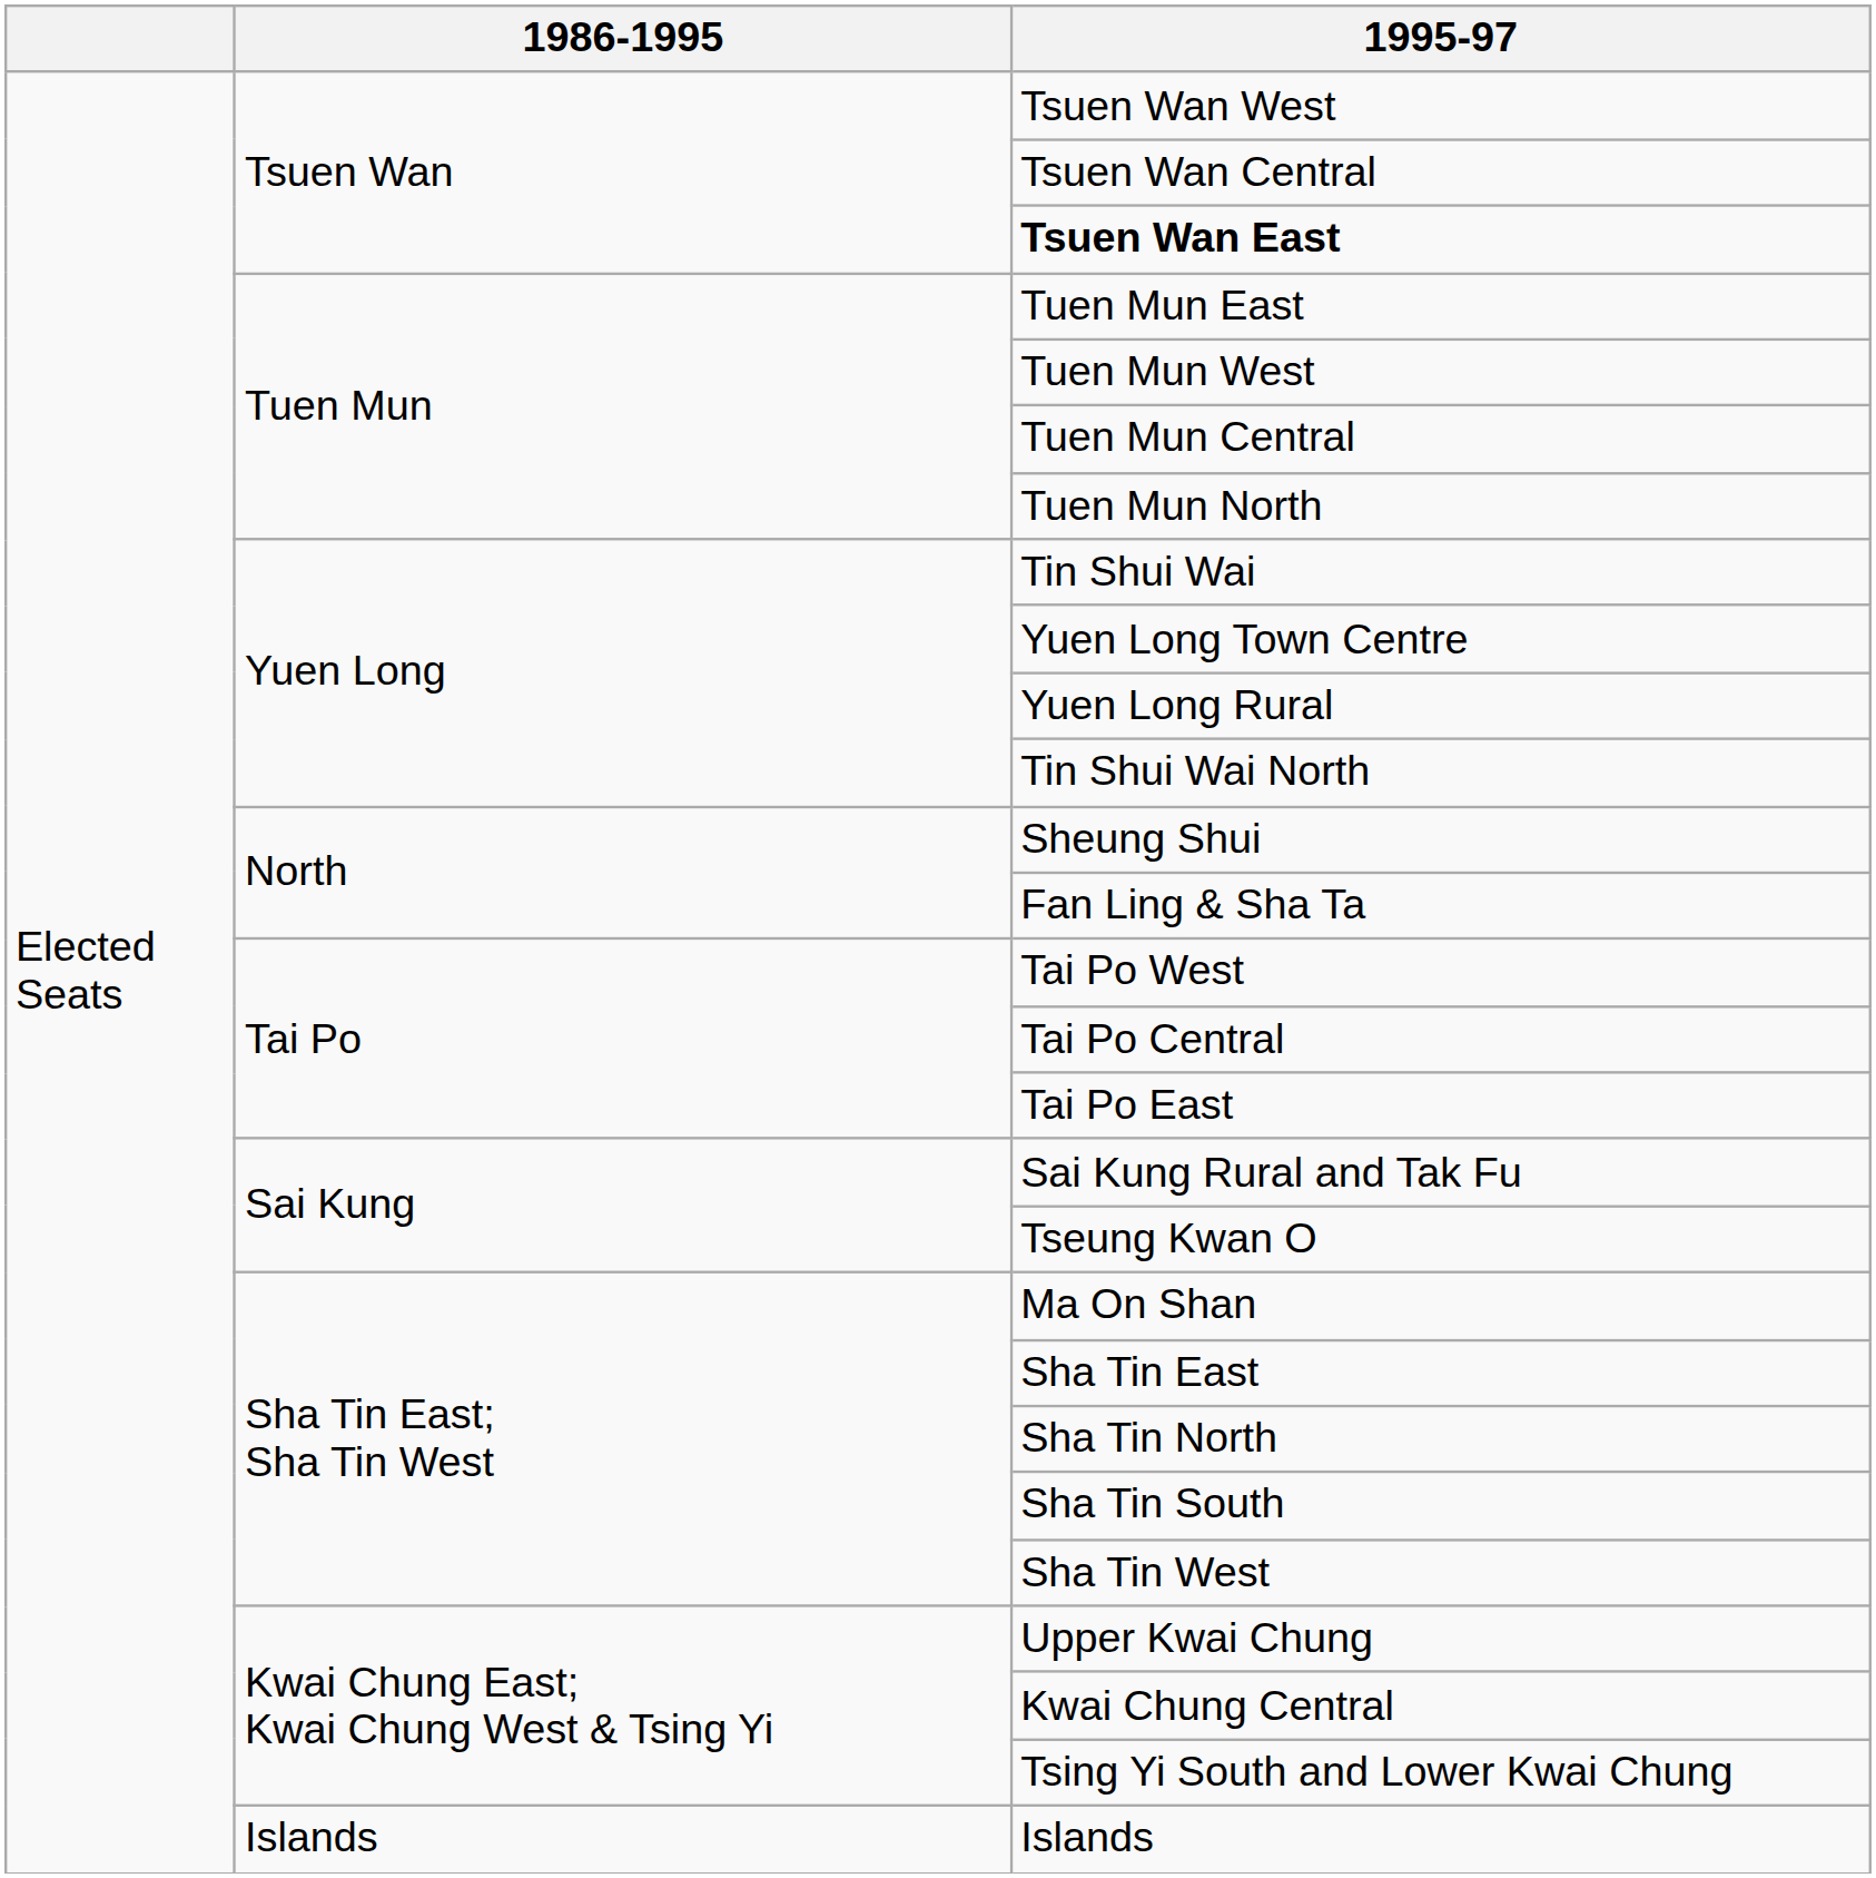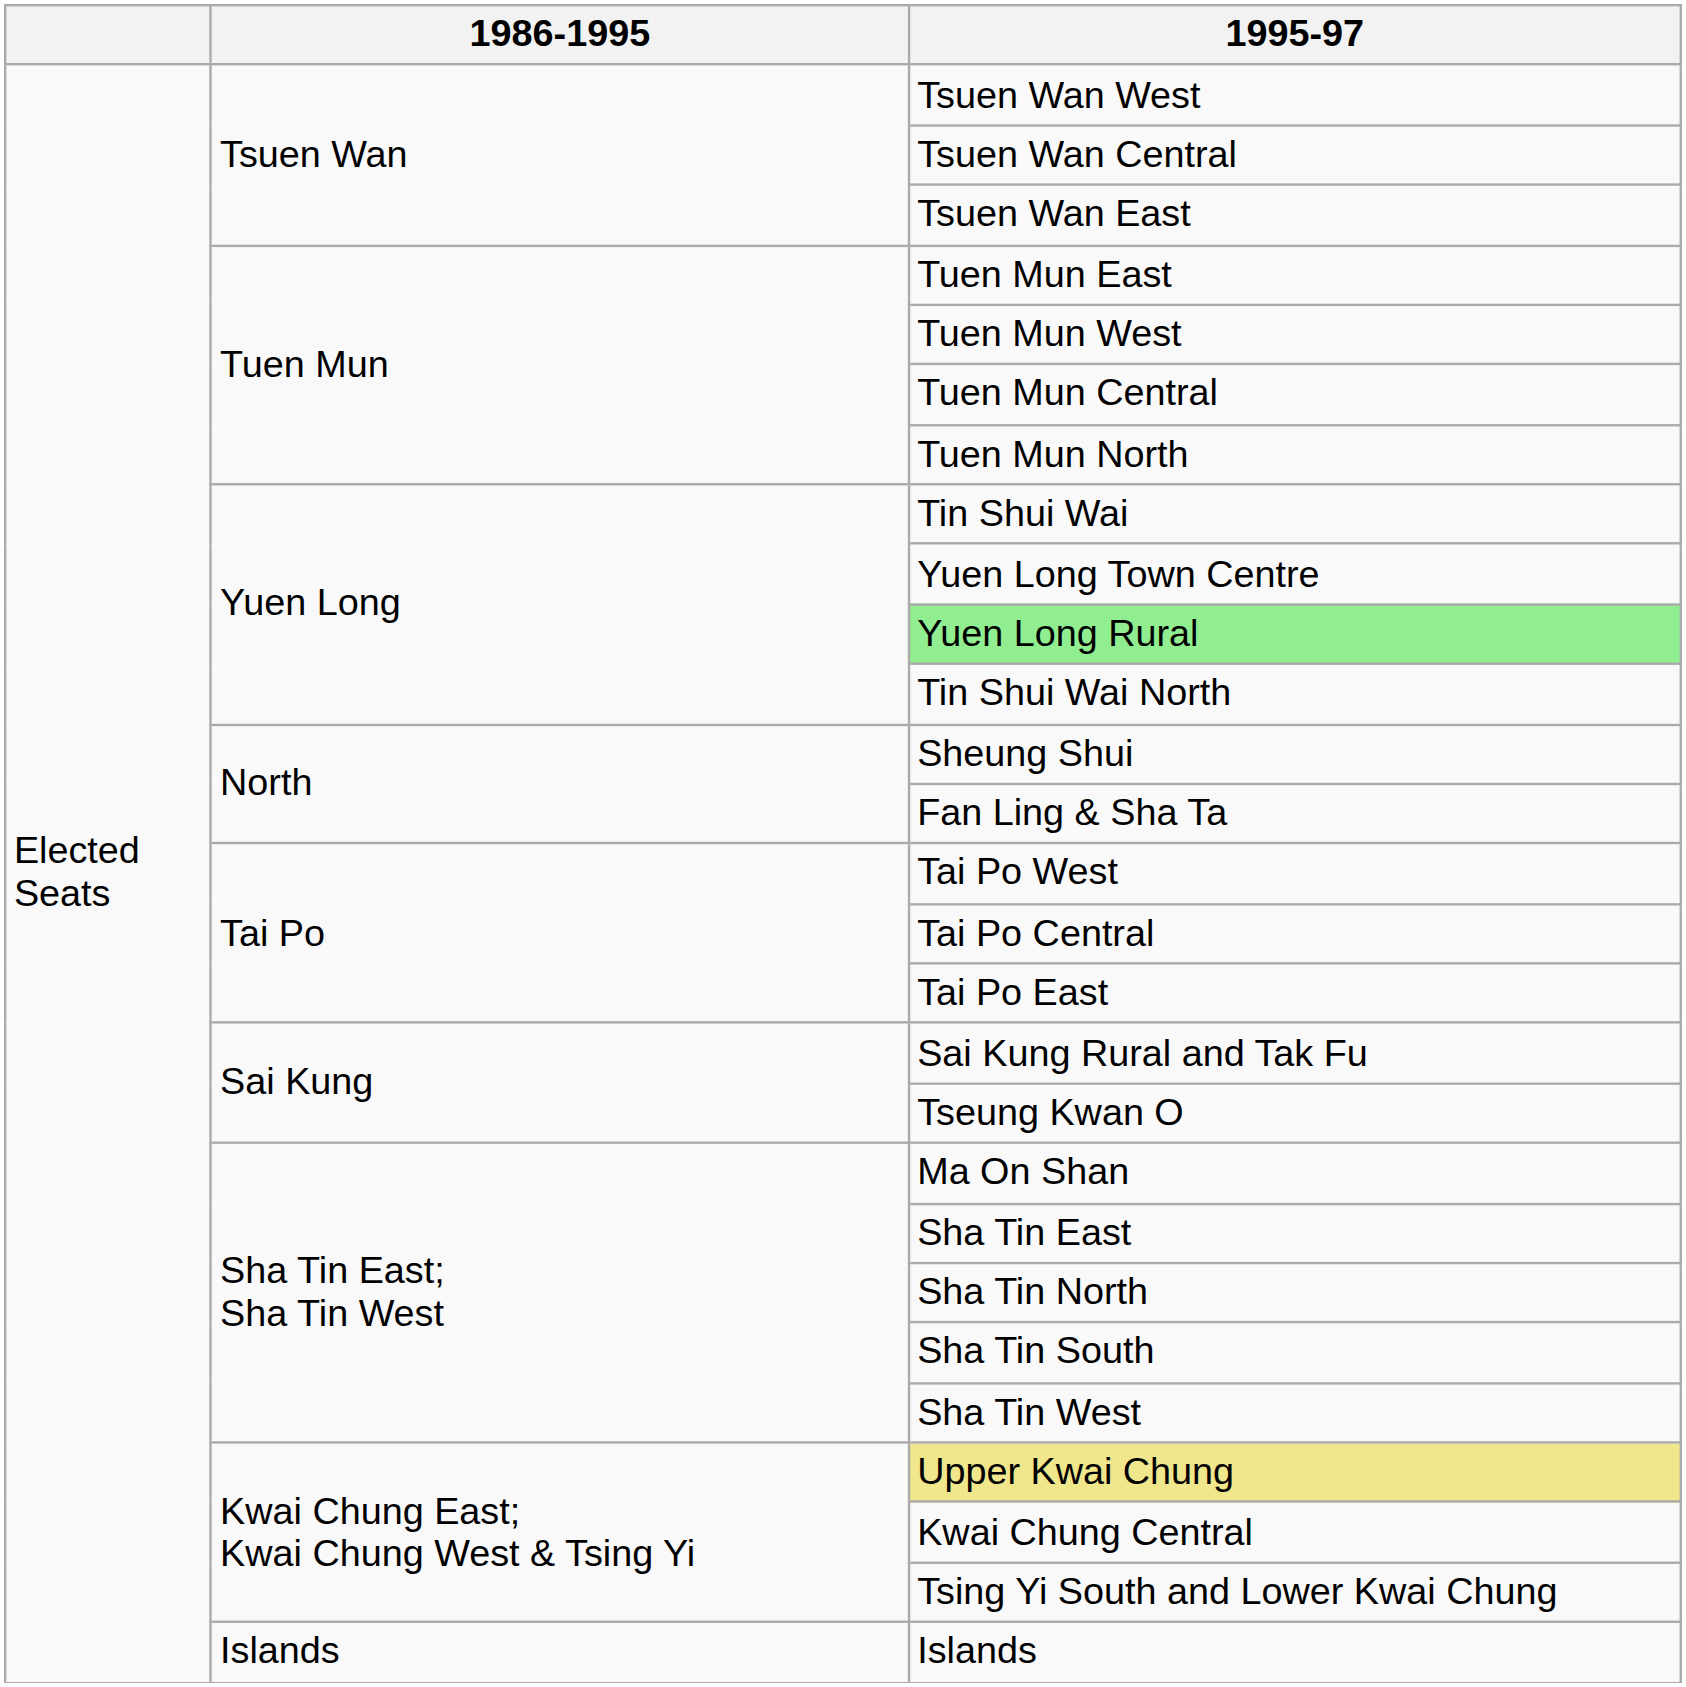 <table class="wikitable">
 <tr>
 <th style=width:5em></th>
 <th style=width:18em>1986-1995</th>
 <th style=width:20em>1995-97</th>
 </tr>
 <tr>
 <td rowspan="27">Elected<br> Seats</td>
 <td rowspan="3">Tsuen Wan</td>
 <td>Tsuen Wan West</td>
 </tr>
 <tr>
 <td>Tsuen Wan Central</td>
 </tr>
 <tr>
-<td><strong>Tsuen Wan East</strong></td>
+<td>Tsuen Wan East</td>
 </tr>
 <tr>
 <td rowspan="4">Tuen Mun</td>
 <td>Tuen Mun East</td>
 </tr>
 <tr>
 <td>Tuen Mun West</td>
 </tr>
 <tr>
 <td>Tuen Mun Central</td>
 </tr>
 <tr>
 <td>Tuen Mun North</td>
 </tr>
 <tr>
 <td rowspan="4">Yuen Long</td>
 <td>Tin Shui Wai</td>
 </tr>
 <tr>
 <td>Yuen Long Town Centre</td>
 </tr>
 <tr>
-<td>Yuen Long Rural</td>
+<td style="background: lightgreen;">Yuen Long Rural</td>
 </tr>
 <tr>
 <td>Tin Shui Wai North</td>
 </tr>
 <tr>
 <td rowspan="2">North</td>
 <td>Sheung Shui</td>
 </tr>
 <tr>
 <td>Fan Ling & Sha Ta</td>
 </tr>
 <tr>
 <td rowspan="3">Tai Po</td>
 <td>Tai Po West</td>
 </tr>
 <tr>
 <td>Tai Po Central</td>
 </tr>
 <tr>
 <td>Tai Po East</td>
 </tr>
 <tr>
 <td rowspan="2">Sai Kung</td>
 <td>Sai Kung Rural and Tak Fu</td>
 </tr>
 <tr>
 <td>Tseung Kwan O</td>
 </tr>
 <tr>
 <td rowspan="5">Sha Tin East;<br> Sha Tin West</td>
 <td>Ma On Shan</td>
 </tr>
 <tr>
 <td>Sha Tin East</td>
 </tr>
 <tr>
 <td>Sha Tin North</td>
 </tr>
 <tr>
 <td>Sha Tin South</td>
 </tr>
 <tr>
 <td>Sha Tin West</td>
 </tr>
 <tr>
 <td rowspan="3">Kwai Chung East;<br> Kwai Chung West & Tsing Yi</td>
-<td>Upper Kwai Chung</td>
+<td style="background: khaki;">Upper Kwai Chung</td>
 </tr>
 <tr>
 <td>Kwai Chung Central</td>
 </tr>
 <tr>
 <td>Tsing Yi South and Lower Kwai Chung</td>
 </tr>
 <tr>
 <td>Islands</td>
 <td>Islands</td>
 </tr>
 </table>
